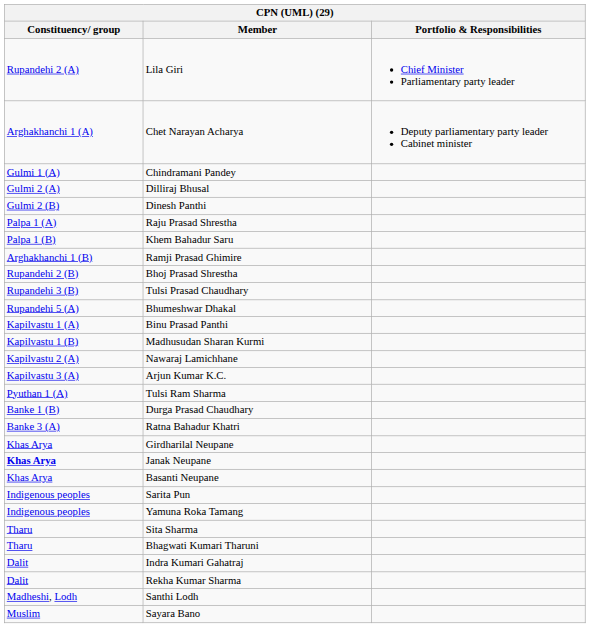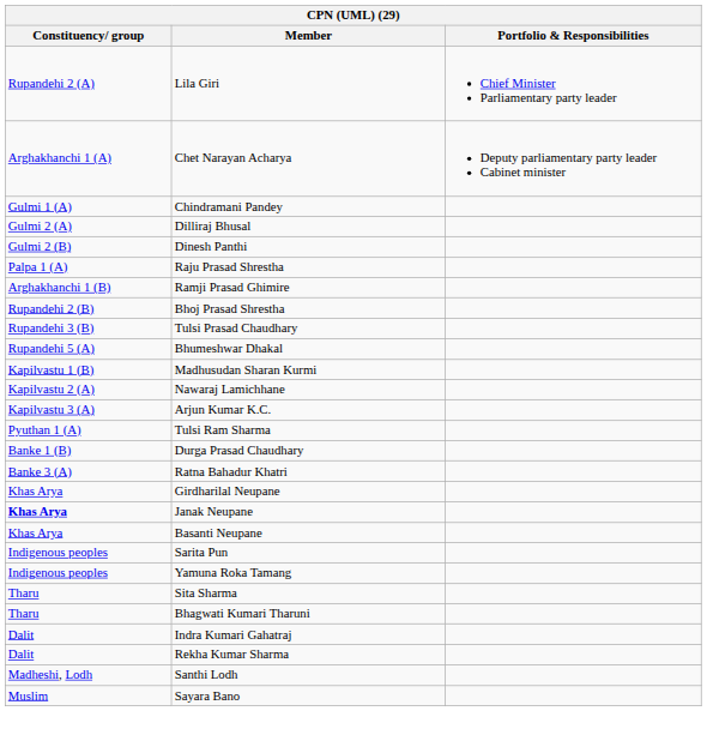 <table class="wikitable sortable mw-collapsible mw-collapsed">
 <tr>
 <th colspan="3" style="width: 800pt; background:">CPN (UML) (29)</th>
 </tr>
 <tr>
 <th style="width:150pt;">Constituency/ group</th>
 <th style="width:250pt;">Member</th>
 <th>Portfolio & Responsibilities</th>
 </tr>
 <tr>
 <td><a href='#'>Rupandehi 2 (A)</a></td>
 <td>Lila Giri</td>
 <td><br><ul><li><a href='#'>Chief Minister</a></li><li>Parliamentary party leader</li></ul></td>
 </tr>
 <tr>
 <td><a href='#'>Arghakhanchi 1 (A)</a></td>
 <td>Chet Narayan Acharya</td>
 <td><br><ul><li>Deputy parliamentary party leader</li><li>Cabinet minister</li></ul></td>
 </tr>
 <tr>
 <td><a href='#'>Gulmi 1 (A)</a></td>
 <td>Chindramani Pandey</td>
 <td></td>
 </tr>
 <tr>
 <td><a href='#'>Gulmi 2 (A)</a></td>
 <td>Dilliraj Bhusal</td>
 <td></td>
 </tr>
 <tr>
 <td><a href='#'>Gulmi 2 (B)</a></td>
 <td>Dinesh Panthi</td>
 <td></td>
 </tr>
 <tr>
 <td><a href='#'>Palpa 1 (A)</a></td>
 <td>Raju Prasad Shrestha</td>
 <td></td>
 </tr>
 <tr>
-<td><a href='#'>Palpa 1 (B)</a></td>
-<td>Khem Bahadur Saru</td>
-<td></td>
-</tr>
-<tr>
 <td><a href='#'>Arghakhanchi 1 (B)</a></td>
 <td>Ramji Prasad Ghimire</td>
 <td></td>
 </tr>
 <tr>
 <td><a href='#'>Rupandehi 2 (B)</a></td>
 <td>Bhoj Prasad Shrestha</td>
 <td></td>
 </tr>
 <tr>
 <td><a href='#'>Rupandehi 3 (B)</a></td>
 <td>Tulsi Prasad Chaudhary</td>
 <td></td>
 </tr>
 <tr>
 <td><a href='#'>Rupandehi 5 (A)</a></td>
 <td>Bhumeshwar Dhakal</td>
-<td></td>
-</tr>
-<tr>
-<td><a href='#'>Kapilvastu 1 (A)</a></td>
-<td>Binu Prasad Panthi</td>
 <td></td>
 </tr>
 <tr>
 <td><a href='#'>Kapilvastu 1 (B)</a></td>
 <td>Madhusudan Sharan Kurmi</td>
 <td></td>
 </tr>
 <tr>
 <td><a href='#'>Kapilvastu 2 (A)</a></td>
 <td>Nawaraj Lamichhane</td>
 <td></td>
 </tr>
 <tr>
 <td><a href='#'>Kapilvastu 3 (A)</a></td>
 <td>Arjun Kumar K.C.</td>
 <td></td>
 </tr>
 <tr>
 <td><a href='#'>Pyuthan 1 (A)</a></td>
 <td>Tulsi Ram Sharma</td>
 <td></td>
 </tr>
 <tr>
 <td><a href='#'>Banke 1 (B)</a></td>
 <td>Durga Prasad Chaudhary</td>
 <td></td>
 </tr>
 <tr>
 <td><a href='#'>Banke 3 (A)</a></td>
 <td>Ratna Bahadur Khatri</td>
 <td></td>
 </tr>
 <tr>
 <td><a href='#'>Khas Arya</a></td>
 <td>Girdharilal Neupane</td>
 <td></td>
 </tr>
 <tr>
 <td><strong><a href='#'>Khas Arya</a></strong></td>
 <td>Janak Neupane</td>
 <td></td>
 </tr>
 <tr>
 <td><a href='#'>Khas Arya</a></td>
 <td>Basanti Neupane</td>
 <td></td>
 </tr>
 <tr>
 <td><a href='#'>Indigenous peoples</a></td>
 <td>Sarita Pun</td>
 <td></td>
 </tr>
 <tr>
 <td><a href='#'>Indigenous peoples</a></td>
 <td>Yamuna Roka Tamang</td>
 <td></td>
 </tr>
 <tr>
 <td><a href='#'>Tharu</a></td>
 <td>Sita Sharma</td>
 <td></td>
 </tr>
 <tr>
 <td><a href='#'>Tharu</a></td>
 <td>Bhagwati Kumari Tharuni</td>
 <td></td>
 </tr>
 <tr>
 <td><a href='#'>Dalit</a></td>
 <td>Indra Kumari Gahatraj</td>
 <td></td>
 </tr>
 <tr>
 <td><a href='#'>Dalit</a></td>
 <td>Rekha Kumar Sharma</td>
 <td></td>
 </tr>
 <tr>
 <td><a href='#'>Madheshi</a>, <a href='#'>Lodh</a></td>
 <td>Santhi Lodh</td>
 <td></td>
 </tr>
 <tr>
 <td><a href='#'>Muslim</a></td>
 <td>Sayara Bano</td>
 <td></td>
 </tr>
 </table>
